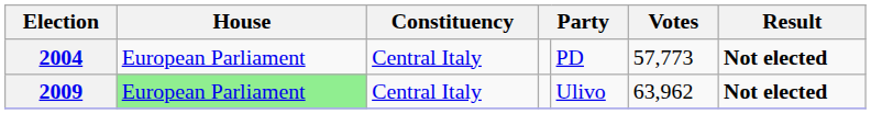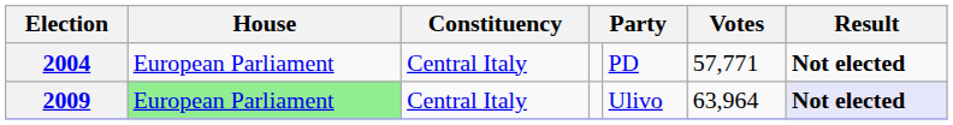 <table class=wikitable style="width:50%; border:1px #AAAAFF solid">
 <tr>
 <th>Election</th>
 <th>House</th>
 <th>Constituency</th>
 <th colspan="2">Party</th>
 <th>Votes</th>
 <th>Result</th>
 </tr>
 <tr>
 <th><a href='#'>2004</a></th>
 <td><a href='#'>European Parliament</a></td>
 <td><a href='#'>Central Italy</a></td>
 <td></td>
 <td><a href='#'>PD</a></td>
-<td>57,773</td>
+<td>57,771</td>
 <td> <strong>Not elected</strong></td>
 </tr>
 <tr>
 <th><a href='#'>2009</a></th>
 <td style="background: lightgreen;"><a href='#'>European Parliament</a></td>
 <td><a href='#'>Central Italy</a></td>
 <td></td>
 <td><a href='#'>Ulivo</a></td>
-<td>63,962</td>
-<td> <strong>Not elected</strong></td>
+<td>63,964</td>
+<td style="background: lavender;"> <strong>Not elected</strong></td>
 </tr>
 <tr>
 </tr>
 </table>
